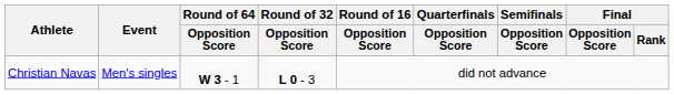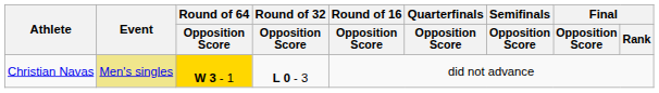 <table class=wikitable style="font-size:90%">
 <tr>
 <th rowspan=2>Athlete</th>
 <th rowspan=2>Event</th>
 <th>Round of 64</th>
 <th>Round of 32</th>
 <th>Round of 16</th>
 <th>Quarterfinals</th>
 <th>Semifinals</th>
 <th colspan=2>Final</th>
 </tr>
 <tr style="font-size:95%">
 <th>Opposition<br>Score</th>
 <th>Opposition<br>Score</th>
 <th>Opposition<br>Score</th>
 <th>Opposition<br>Score</th>
 <th>Opposition<br>Score</th>
 <th>Opposition<br>Score</th>
 <th>Rank</th>
 </tr>
 <tr align=center>
 <td align=left><a href='#'>Christian Navas</a></td>
-<td align=left><a href='#'>Men's singles</a></td>
-<td><br><strong>W</strong> <strong>3</strong> - 1</td>
+<td align=left style="background: khaki;"><a href='#'>Men's singles</a></td>
+<td style="background: gold;"><br><strong>W</strong> <strong>3</strong> - 1</td>
 <td><br><strong>L</strong> <strong>0</strong> - 3</td>
 <td colspan=5>did not advance</td>
 </tr>
 </table>
